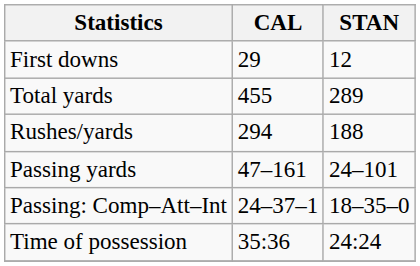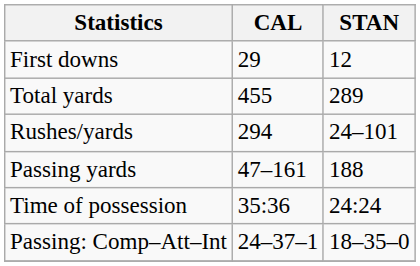 <table class="wikitable" style="float: left;">
 <tr>
 <th>Statistics</th>
 <th>CAL</th>
 <th>STAN</th>
 </tr>
 <tr>
 <td>First downs</td>
 <td>29</td>
 <td>12</td>
 </tr>
 <tr>
 <td>Total yards</td>
 <td>455</td>
 <td>289</td>
 </tr>
 <tr>
 <td>Rushes/yards</td>
 <td>294</td>
-<td>188</td>
+<td>24–101</td>
 </tr>
 <tr>
 <td>Passing yards</td>
 <td>47–161</td>
-<td>24–101</td>
+<td>188</td>
+</tr>
+<tr>
+<td>Time of possession</td>
+<td>35:36</td>
+<td>24:24</td>
 </tr>
 <tr>
 <td>Passing: Comp–Att–Int</td>
 <td>24–37–1</td>
 <td>18–35–0</td>
 </tr>
 <tr>
-<td>Time of possession</td>
-<td>35:36</td>
-<td>24:24</td>
-</tr>
-<tr>
 </tr>
 </table>
